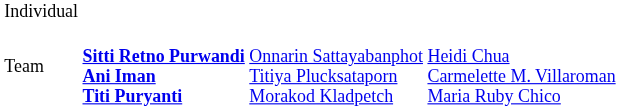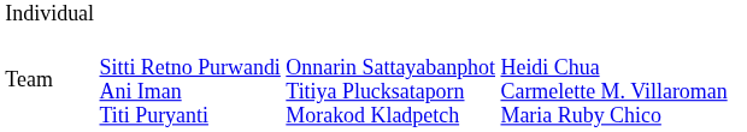 <table>
 <tr>
 <td>Individual</td>
 <td></td>
 <td></td>
 <td></td>
 </tr>
 <tr>
 <td>Team</td>
-<td><strong><br><a href='#'>Sitti Retno Purwandi</a><br><a href='#'>Ani Iman</a><br><a href='#'>Titi Puryanti</a></strong></td>
+<td><br><a href='#'>Sitti Retno Purwandi</a><br><a href='#'>Ani Iman</a><br><a href='#'>Titi Puryanti</a></td>
 <td><br><a href='#'>Onnarin Sattayabanphot</a><br><a href='#'>Titiya Plucksataporn</a><br><a href='#'>Morakod Kladpetch</a></td>
 <td><br><a href='#'>Heidi Chua</a><br> <a href='#'>Carmelette M. Villaroman</a><br><a href='#'>Maria Ruby Chico</a></td>
 </tr>
 </table>
